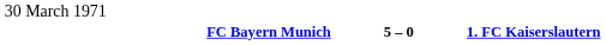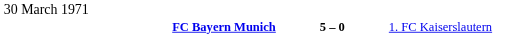 <table width=100% cellspacing=1>
 <tr>
 <th width=25%></th>
 <th width=10%></th>
 <th width=25%></th>
 <th></th>
 </tr>
 <tr>
 <td>30 March 1971</td>
 </tr>
 <tr style=font-size:90%>
 <td align=right><strong><a href='#'>FC Bayern Munich</a></strong></td>
 <td align=center><strong>5 – 0</strong></td>
-<td><strong><a href='#'>1. FC Kaiserslautern</a></strong></td>
+<td><a href='#'>1. FC Kaiserslautern</a></td>
 </tr>
 </table>
